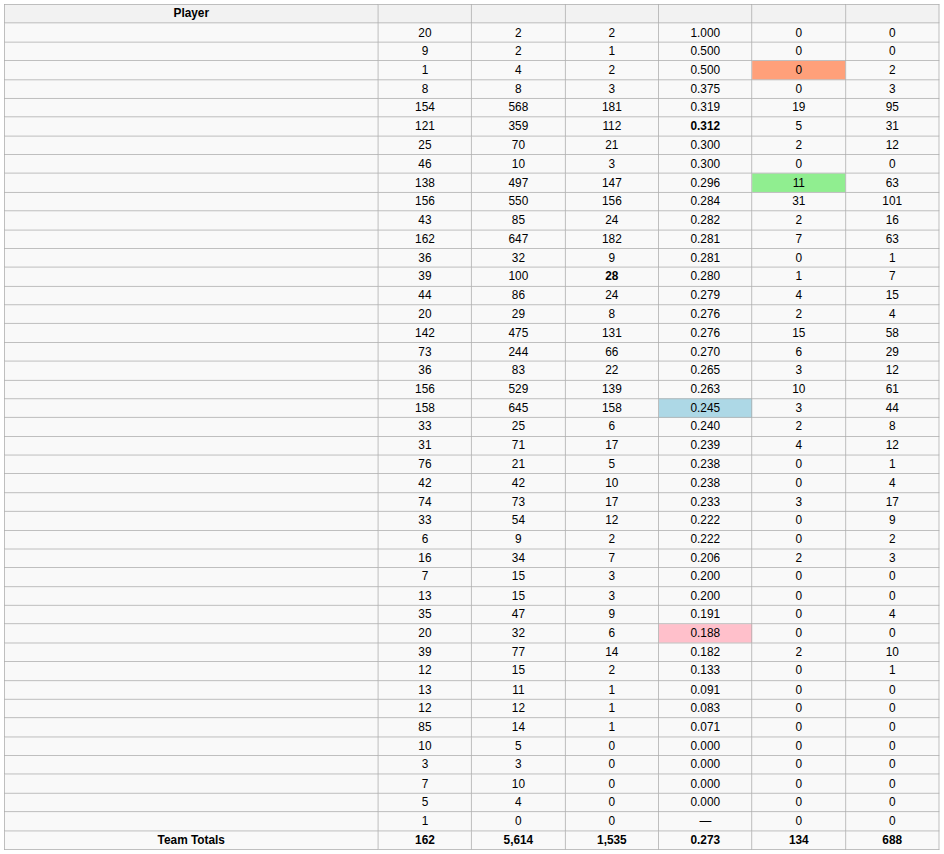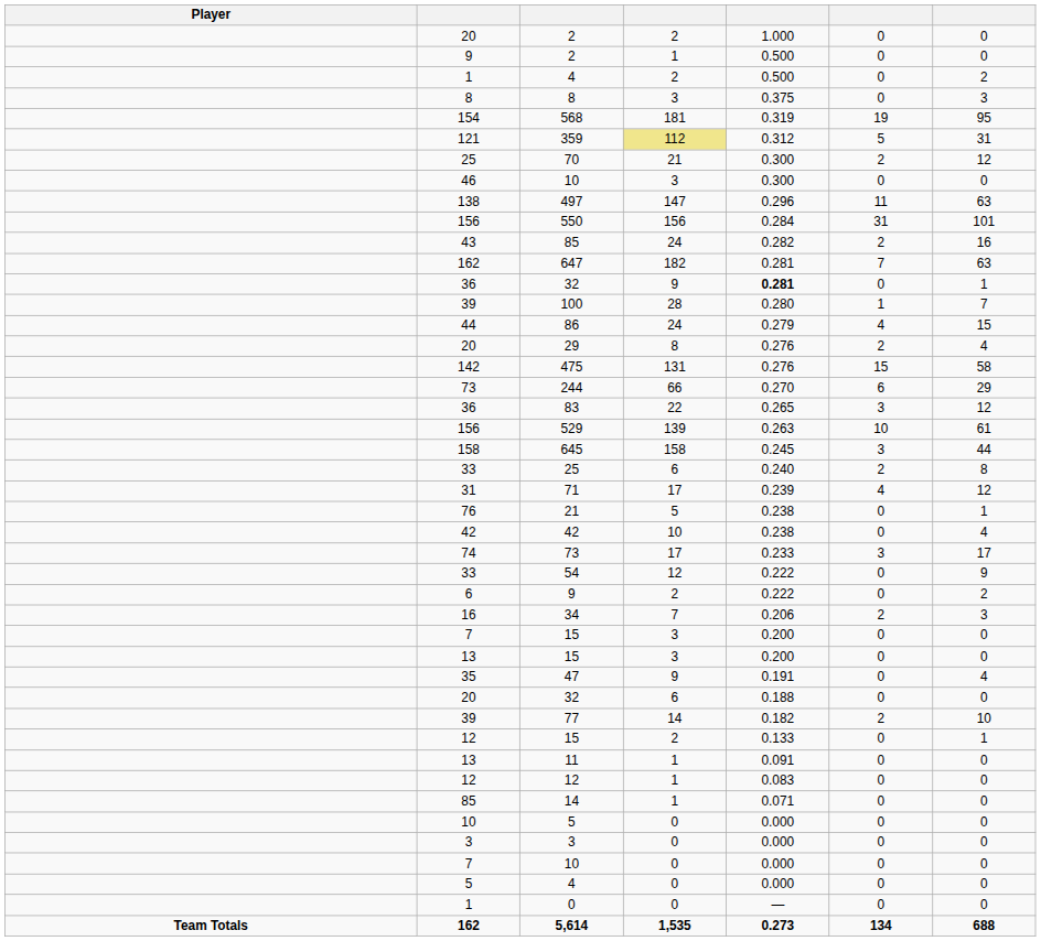 <table class="wikitable sortable" style="text-align:center;" width="100%">
 <tr>
 <th width="40%">Player</th>
 <th width="10%"></th>
 <th width="10%"></th>
 <th width="10%"></th>
 <th width="10%"></th>
 <th width="10%"></th>
 <th width="10%"></th>
 </tr>
 <tr>
 <td></td>
 <td>20</td>
 <td>2</td>
 <td>2</td>
 <td>1.000</td>
 <td>0</td>
 <td>0</td>
 </tr>
 <tr>
 <td></td>
 <td>9</td>
 <td>2</td>
 <td>1</td>
 <td>0.500</td>
 <td>0</td>
 <td>0</td>
 </tr>
 <tr>
 <td></td>
 <td>1</td>
 <td>4</td>
 <td>2</td>
 <td>0.500</td>
-<td style="background: lightsalmon;">0</td>
+<td>0</td>
 <td>2</td>
 </tr>
 <tr>
 <td></td>
 <td>8</td>
 <td>8</td>
 <td>3</td>
 <td>0.375</td>
 <td>0</td>
 <td>3</td>
 </tr>
 <tr>
 <td></td>
 <td>154</td>
 <td>568</td>
 <td>181</td>
 <td>0.319</td>
 <td>19</td>
 <td>95</td>
 </tr>
 <tr>
 <td></td>
 <td>121</td>
 <td>359</td>
-<td>112</td>
-<td><strong>0.312</strong></td>
+<td style="background: khaki;">112</td>
+<td>0.312</td>
 <td>5</td>
 <td>31</td>
 </tr>
 <tr>
 <td></td>
 <td>25</td>
 <td>70</td>
 <td>21</td>
 <td>0.300</td>
 <td>2</td>
 <td>12</td>
 </tr>
 <tr>
 <td></td>
 <td>46</td>
 <td>10</td>
 <td>3</td>
 <td>0.300</td>
 <td>0</td>
 <td>0</td>
 </tr>
 <tr>
 <td></td>
 <td>138</td>
 <td>497</td>
 <td>147</td>
 <td>0.296</td>
-<td style="background: lightgreen;">11</td>
+<td>11</td>
 <td>63</td>
 </tr>
 <tr>
 <td></td>
 <td>156</td>
 <td>550</td>
 <td>156</td>
 <td>0.284</td>
 <td>31</td>
 <td>101</td>
 </tr>
 <tr>
 <td></td>
 <td>43</td>
 <td>85</td>
 <td>24</td>
 <td>0.282</td>
 <td>2</td>
 <td>16</td>
 </tr>
 <tr>
 <td></td>
 <td>162</td>
 <td>647</td>
 <td>182</td>
 <td>0.281</td>
 <td>7</td>
 <td>63</td>
 </tr>
 <tr>
 <td></td>
 <td>36</td>
 <td>32</td>
 <td>9</td>
-<td>0.281</td>
+<td><strong>0.281</strong></td>
 <td>0</td>
 <td>1</td>
 </tr>
 <tr>
 <td></td>
 <td>39</td>
 <td>100</td>
-<td><strong>28</strong></td>
+<td>28</td>
 <td>0.280</td>
 <td>1</td>
 <td>7</td>
 </tr>
 <tr>
 <td></td>
 <td>44</td>
 <td>86</td>
 <td>24</td>
 <td>0.279</td>
 <td>4</td>
 <td>15</td>
 </tr>
 <tr>
 <td></td>
 <td>20</td>
 <td>29</td>
 <td>8</td>
 <td>0.276</td>
 <td>2</td>
 <td>4</td>
 </tr>
 <tr>
 <td></td>
 <td>142</td>
 <td>475</td>
 <td>131</td>
 <td>0.276</td>
 <td>15</td>
 <td>58</td>
 </tr>
 <tr>
 <td></td>
 <td>73</td>
 <td>244</td>
 <td>66</td>
 <td>0.270</td>
 <td>6</td>
 <td>29</td>
 </tr>
 <tr>
 <td></td>
 <td>36</td>
 <td>83</td>
 <td>22</td>
 <td>0.265</td>
 <td>3</td>
 <td>12</td>
 </tr>
 <tr>
 <td></td>
 <td>156</td>
 <td>529</td>
 <td>139</td>
 <td>0.263</td>
 <td>10</td>
 <td>61</td>
 </tr>
 <tr>
 <td></td>
 <td>158</td>
 <td>645</td>
 <td>158</td>
-<td style="background: lightblue;">0.245</td>
+<td>0.245</td>
 <td>3</td>
 <td>44</td>
 </tr>
 <tr>
 <td></td>
 <td>33</td>
 <td>25</td>
 <td>6</td>
 <td>0.240</td>
 <td>2</td>
 <td>8</td>
 </tr>
 <tr>
 <td></td>
 <td>31</td>
 <td>71</td>
 <td>17</td>
 <td>0.239</td>
 <td>4</td>
 <td>12</td>
 </tr>
 <tr>
 <td></td>
 <td>76</td>
 <td>21</td>
 <td>5</td>
 <td>0.238</td>
 <td>0</td>
 <td>1</td>
 </tr>
 <tr>
 <td></td>
 <td>42</td>
 <td>42</td>
 <td>10</td>
 <td>0.238</td>
 <td>0</td>
 <td>4</td>
 </tr>
 <tr>
 <td></td>
 <td>74</td>
 <td>73</td>
 <td>17</td>
 <td>0.233</td>
 <td>3</td>
 <td>17</td>
 </tr>
 <tr>
 <td></td>
 <td>33</td>
 <td>54</td>
 <td>12</td>
 <td>0.222</td>
 <td>0</td>
 <td>9</td>
 </tr>
 <tr>
 <td></td>
 <td>6</td>
 <td>9</td>
 <td>2</td>
 <td>0.222</td>
 <td>0</td>
 <td>2</td>
 </tr>
 <tr>
 <td></td>
 <td>16</td>
 <td>34</td>
 <td>7</td>
 <td>0.206</td>
 <td>2</td>
 <td>3</td>
 </tr>
 <tr>
 <td></td>
 <td>7</td>
 <td>15</td>
 <td>3</td>
 <td>0.200</td>
 <td>0</td>
 <td>0</td>
 </tr>
 <tr>
 <td></td>
 <td>13</td>
 <td>15</td>
 <td>3</td>
 <td>0.200</td>
 <td>0</td>
 <td>0</td>
 </tr>
 <tr>
 <td></td>
 <td>35</td>
 <td>47</td>
 <td>9</td>
 <td>0.191</td>
 <td>0</td>
 <td>4</td>
 </tr>
 <tr>
 <td></td>
 <td>20</td>
 <td>32</td>
 <td>6</td>
-<td style="background: pink;">0.188</td>
+<td>0.188</td>
 <td>0</td>
 <td>0</td>
 </tr>
 <tr>
 <td></td>
 <td>39</td>
 <td>77</td>
 <td>14</td>
 <td>0.182</td>
 <td>2</td>
 <td>10</td>
 </tr>
 <tr>
 <td></td>
 <td>12</td>
 <td>15</td>
 <td>2</td>
 <td>0.133</td>
 <td>0</td>
 <td>1</td>
 </tr>
 <tr>
 <td></td>
 <td>13</td>
 <td>11</td>
 <td>1</td>
 <td>0.091</td>
 <td>0</td>
 <td>0</td>
 </tr>
 <tr>
 <td></td>
 <td>12</td>
 <td>12</td>
 <td>1</td>
 <td>0.083</td>
 <td>0</td>
 <td>0</td>
 </tr>
 <tr>
 <td></td>
 <td>85</td>
 <td>14</td>
 <td>1</td>
 <td>0.071</td>
 <td>0</td>
 <td>0</td>
 </tr>
 <tr>
 <td></td>
 <td>10</td>
 <td>5</td>
 <td>0</td>
 <td>0.000</td>
 <td>0</td>
 <td>0</td>
 </tr>
 <tr>
 <td></td>
 <td>3</td>
 <td>3</td>
 <td>0</td>
 <td>0.000</td>
 <td>0</td>
 <td>0</td>
 </tr>
 <tr>
 <td></td>
 <td>7</td>
 <td>10</td>
 <td>0</td>
 <td>0.000</td>
 <td>0</td>
 <td>0</td>
 </tr>
 <tr>
 <td></td>
 <td>5</td>
 <td>4</td>
 <td>0</td>
 <td>0.000</td>
 <td>0</td>
 <td>0</td>
 </tr>
 <tr>
 <td></td>
 <td>1</td>
 <td>0</td>
 <td>0</td>
 <td>—</td>
 <td>0</td>
 <td>0</td>
 </tr>
 <tr>
 <td><strong>Team Totals</strong></td>
 <td><strong>162</strong></td>
 <td><strong>5,614</strong></td>
 <td><strong>1,535</strong></td>
 <td><strong>0.273</strong></td>
 <td><strong>134</strong></td>
 <td><strong>688</strong></td>
 </tr>
 </table>
